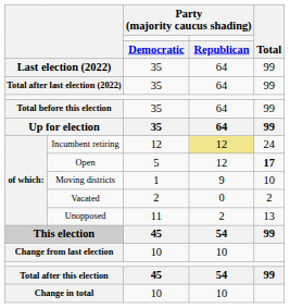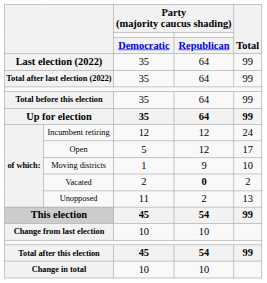 <table class=wikitable style="text-align:center">
 <tr style="vertical-align:bottom;">
 <th rowspan=3 colspan=2></th>
 <th colspan=2>Party <div>(majority caucus shading)</div></th>
 <th rowspan=3>Total</th>
 </tr>
 <tr style="height:5px">
 <td style="background-color:"></td>
 <td style="background-color:"></td>
 </tr>
 <tr>
 <th><a href='#'>Democratic</a></th>
 <th><a href='#'>Republican</a></th>
 </tr>
 <tr>
 <th nowrap colspan=2>Last election (2022)</th>
 <td>35</td>
 <td>64</td>
 <td>99</td>
 </tr>
 <tr>
 <th nowrap style="font-size:80%" colspan=2>Total after last election (2022)</th>
 <td>35</td>
 <td>64</td>
 <td>99</td>
 </tr>
 <tr>
 <td colspan=5></td>
 </tr>
 <tr>
 <th nowrap style="font-size:80%" colspan=2>Total before this election</th>
 <td>35</td>
 <td>64</td>
 <td>99</td>
 </tr>
 <tr>
 <th colspan=2>Up for election</th>
 <th>35</th>
 <th>64</th>
 <th>99</th>
 </tr>
 <tr>
 <th rowspan="5" style="font-size:80%">of which:</th>
 <td nowrap style="font-size:80%">Incumbent retiring</td>
 <td>12</td>
-<td style="background: khaki;">12</td>
+<td>12</td>
 <td>24</td>
 </tr>
 <tr>
 <td nowrap style="font-size:80%">Open</td>
 <td>5</td>
 <td>12</td>
-<td><strong>17</strong></td>
+<td>17</td>
 </tr>
 <tr>
 <td nowrap style="font-size:80%">Moving districts</td>
 <td>1</td>
 <td>9</td>
 <td>10</td>
 </tr>
 <tr>
 <td nowrap style="font-size:80%">Vacated</td>
 <td>2</td>
-<td>0</td>
+<td><strong>0</strong></td>
 <td>2</td>
 </tr>
 <tr>
 <td nowrap style="font-size:80%">Unopposed</td>
 <td>11</td>
 <td>2</td>
 <td>13</td>
 </tr>
 <tr>
 <th nowrap style="background:#ccc" colspan=2>This election</th>
 <th>45</th>
 <th>54</th>
 <th>99</th>
 </tr>
 <tr>
 <th nowrap style="font-size:80%"  colspan=2>Change from last election</th>
 <td> 10</td>
 <td> 10</td>
 <td></td>
 </tr>
 <tr>
 <td colspan=5></td>
 </tr>
 <tr>
 <th nowrap style="font-size:80%" colspan=2>Total after this election</th>
 <th>45</th>
 <th>54</th>
 <th>99</th>
 </tr>
 <tr>
 <th nowrap style="font-size:80%"  colspan=2>Change in total</th>
 <td> 10</td>
 <td> 10</td>
 <td></td>
 </tr>
 </table>
